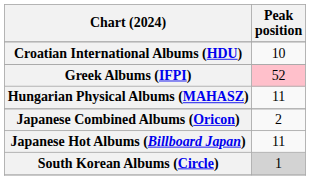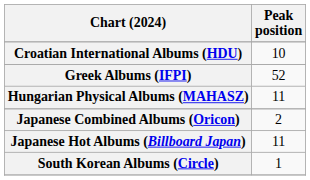 <table class="wikitable sortable plainrowheaders" style="text-align:center">
 <tr>
 <th scope="col">Chart (2024)</th>
 <th scope="col">Peak<br>position</th>
 </tr>
 <tr>
 </tr>
 <tr>
 </tr>
 <tr>
 <th scope="row">Croatian International Albums (<a href='#'>HDU</a>)</th>
 <td>10</td>
 </tr>
 <tr>
 </tr>
 <tr>
 <th scope="row">Greek Albums (<a href='#'>IFPI</a>)</th>
-<td style="background: pink;">52</td>
+<td>52</td>
 </tr>
 <tr>
 <th scope="row">Hungarian Physical Albums (<a href='#'>MAHASZ</a>)</th>
 <td>11</td>
 </tr>
 <tr>
 </tr>
 <tr>
 <th scope="row">Japanese Combined Albums (<a href='#'>Oricon</a>)</th>
 <td>2</td>
 </tr>
 <tr>
 <th scope="row">Japanese Hot Albums (<em><a href='#'>Billboard Japan</a></em>)</th>
 <td>11</td>
 </tr>
 <tr>
 <th scope="row">South Korean Albums (<a href='#'>Circle</a>)</th>
-<td style="background: lightgrey;">1</td>
+<td>1</td>
 </tr>
 <tr>
 </tr>
 <tr>
 </tr>
 <tr>
 </tr>
 </table>
